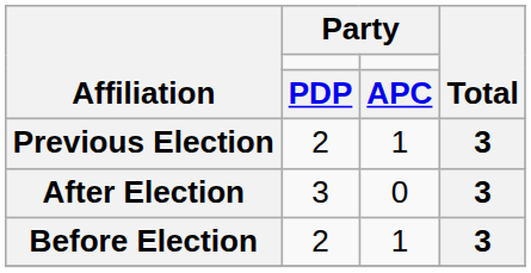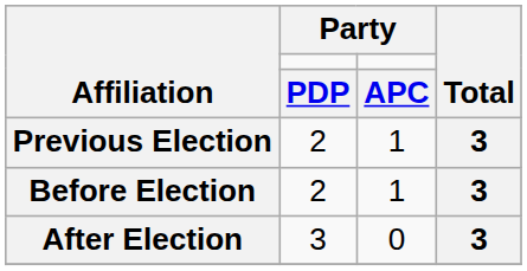 <table class=wikitable style="text-align:center">
 <tr style="vertical-align:bottom;">
 <th rowspan=3>Affiliation</th>
 <th colspan=2>Party</th>
 <th rowspan=3>Total</th>
 </tr>
 <tr>
 <td style="background-color:"></td>
 <td style="background-color:"></td>
 </tr>
 <tr>
 <th><a href='#'>PDP</a></th>
 <th><a href='#'>APC</a></th>
 </tr>
 <tr>
 <th>Previous Election</th>
 <td>2</td>
 <td>1</td>
 <th>3</th>
 </tr>
 <tr>
+<th>Before Election</th>
+<td>2</td>
+<td>1</td>
+<th>3</th>
+</tr>
+<tr>
 <th>After Election</th>
 <td>3</td>
 <td>0</td>
 <th>3</th>
 </tr>
 <tr>
-<th>Before Election</th>
-<td>2</td>
-<td>1</td>
-<th>3</th>
-</tr>
-<tr>
 </tr>
 </table>
